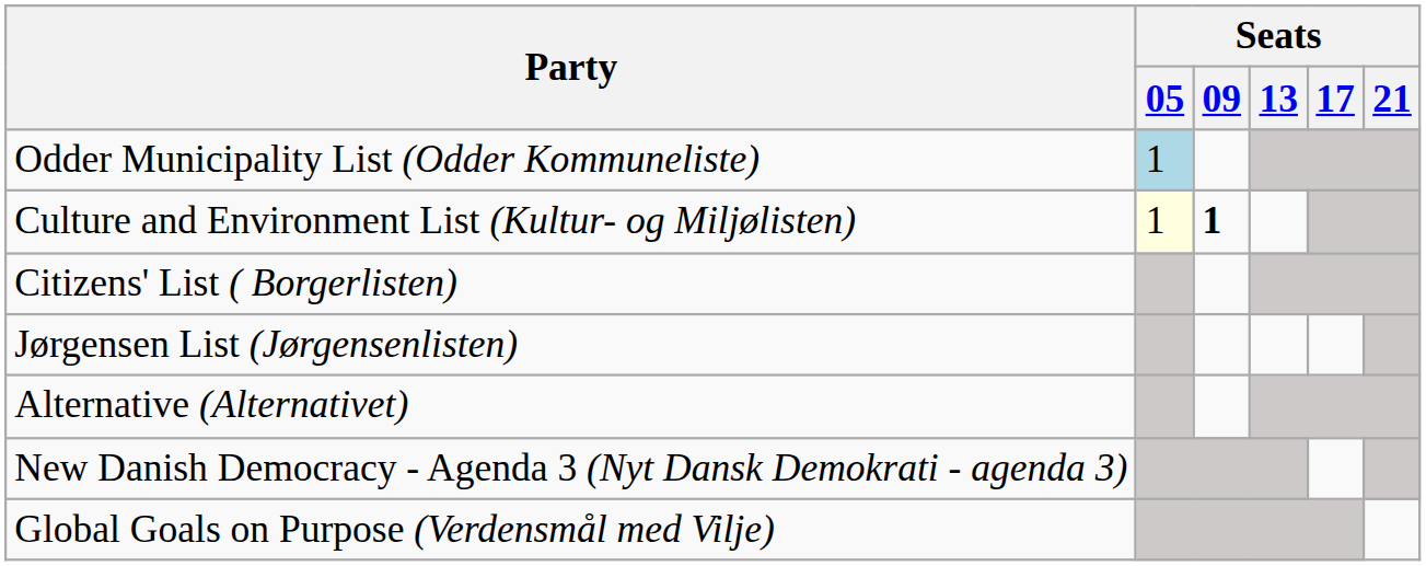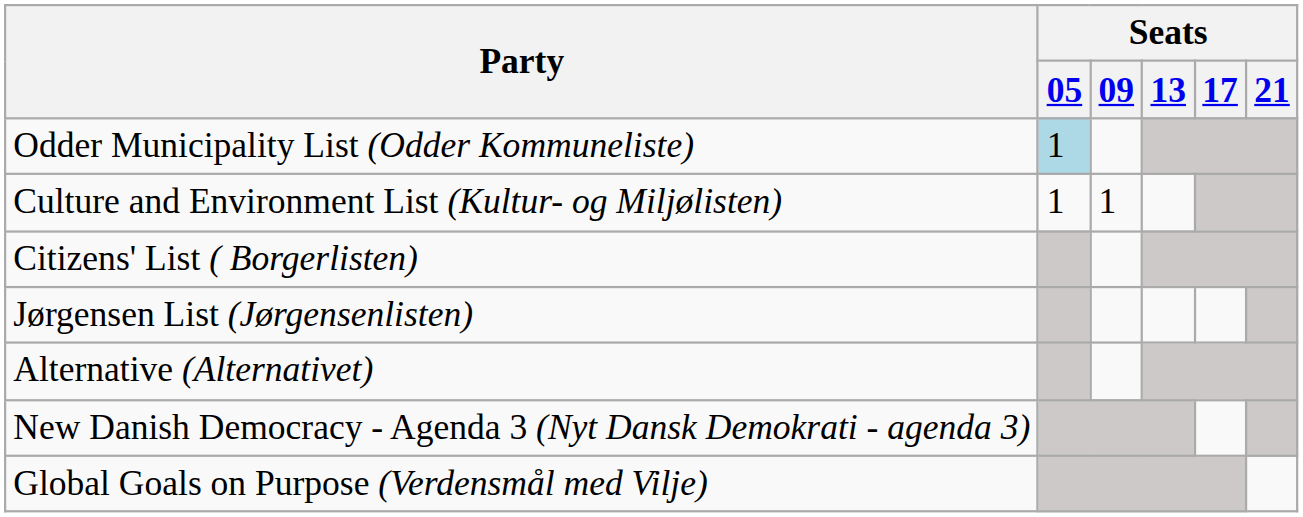 <table class="wikitable">
 <tr>
 <th rowspan=2>Party</th>
 <th colspan=11>Seats</th>
 </tr>
 <tr>
 <th><a href='#'>05</a></th>
 <th><a href='#'>09</a></th>
 <th><a href='#'>13</a></th>
 <th><a href='#'>17</a></th>
 <th><a href='#'>21</a></th>
 </tr>
 <tr>
 <td>Odder Municipality List <em>(Odder Kommuneliste)</em></td>
 <td style="background: lightblue;">1</td>
 <td></td>
 <td style="background:#CDC9C9;" colspan=3></td>
 </tr>
 <tr>
 <td>Culture and Environment List <em>(Kultur- og Miljølisten)</em></td>
-<td style="background: lightyellow;">1</td>
-<td><strong>1</strong></td>
+<td>1</td>
+<td>1</td>
 <td></td>
 <td style="background:#CDC9C9;" colspan=2></td>
 </tr>
 <tr>
 <td>Citizens' List <em>(	Borgerlisten)</em></td>
 <td style="background:#CDC9C9;"></td>
 <td></td>
 <td style="background:#CDC9C9;" colspan=3></td>
 </tr>
 <tr>
 <td>Jørgensen List <em>(Jørgensenlisten)</em></td>
 <td style="background:#CDC9C9;"></td>
 <td></td>
 <td></td>
 <td></td>
 <td style="background:#CDC9C9;"></td>
 </tr>
 <tr>
 <td>Alternative <em>(Alternativet)</em></td>
 <td style="background:#CDC9C9;"></td>
 <td></td>
 <td style="background:#CDC9C9;" colspan=3></td>
 </tr>
 <tr>
 <td>New Danish Democracy - Agenda 3 <em>(Nyt Dansk Demokrati - agenda 3)</em></td>
 <td style="background:#CDC9C9;" colspan=3></td>
 <td></td>
 <td style="background:#CDC9C9;"></td>
 </tr>
 <tr>
 <td>Global Goals on Purpose <em>(Verdensmål med Vilje)</em></td>
 <td style="background:#CDC9C9;" colspan=4></td>
 <td></td>
 </tr>
 </table>
